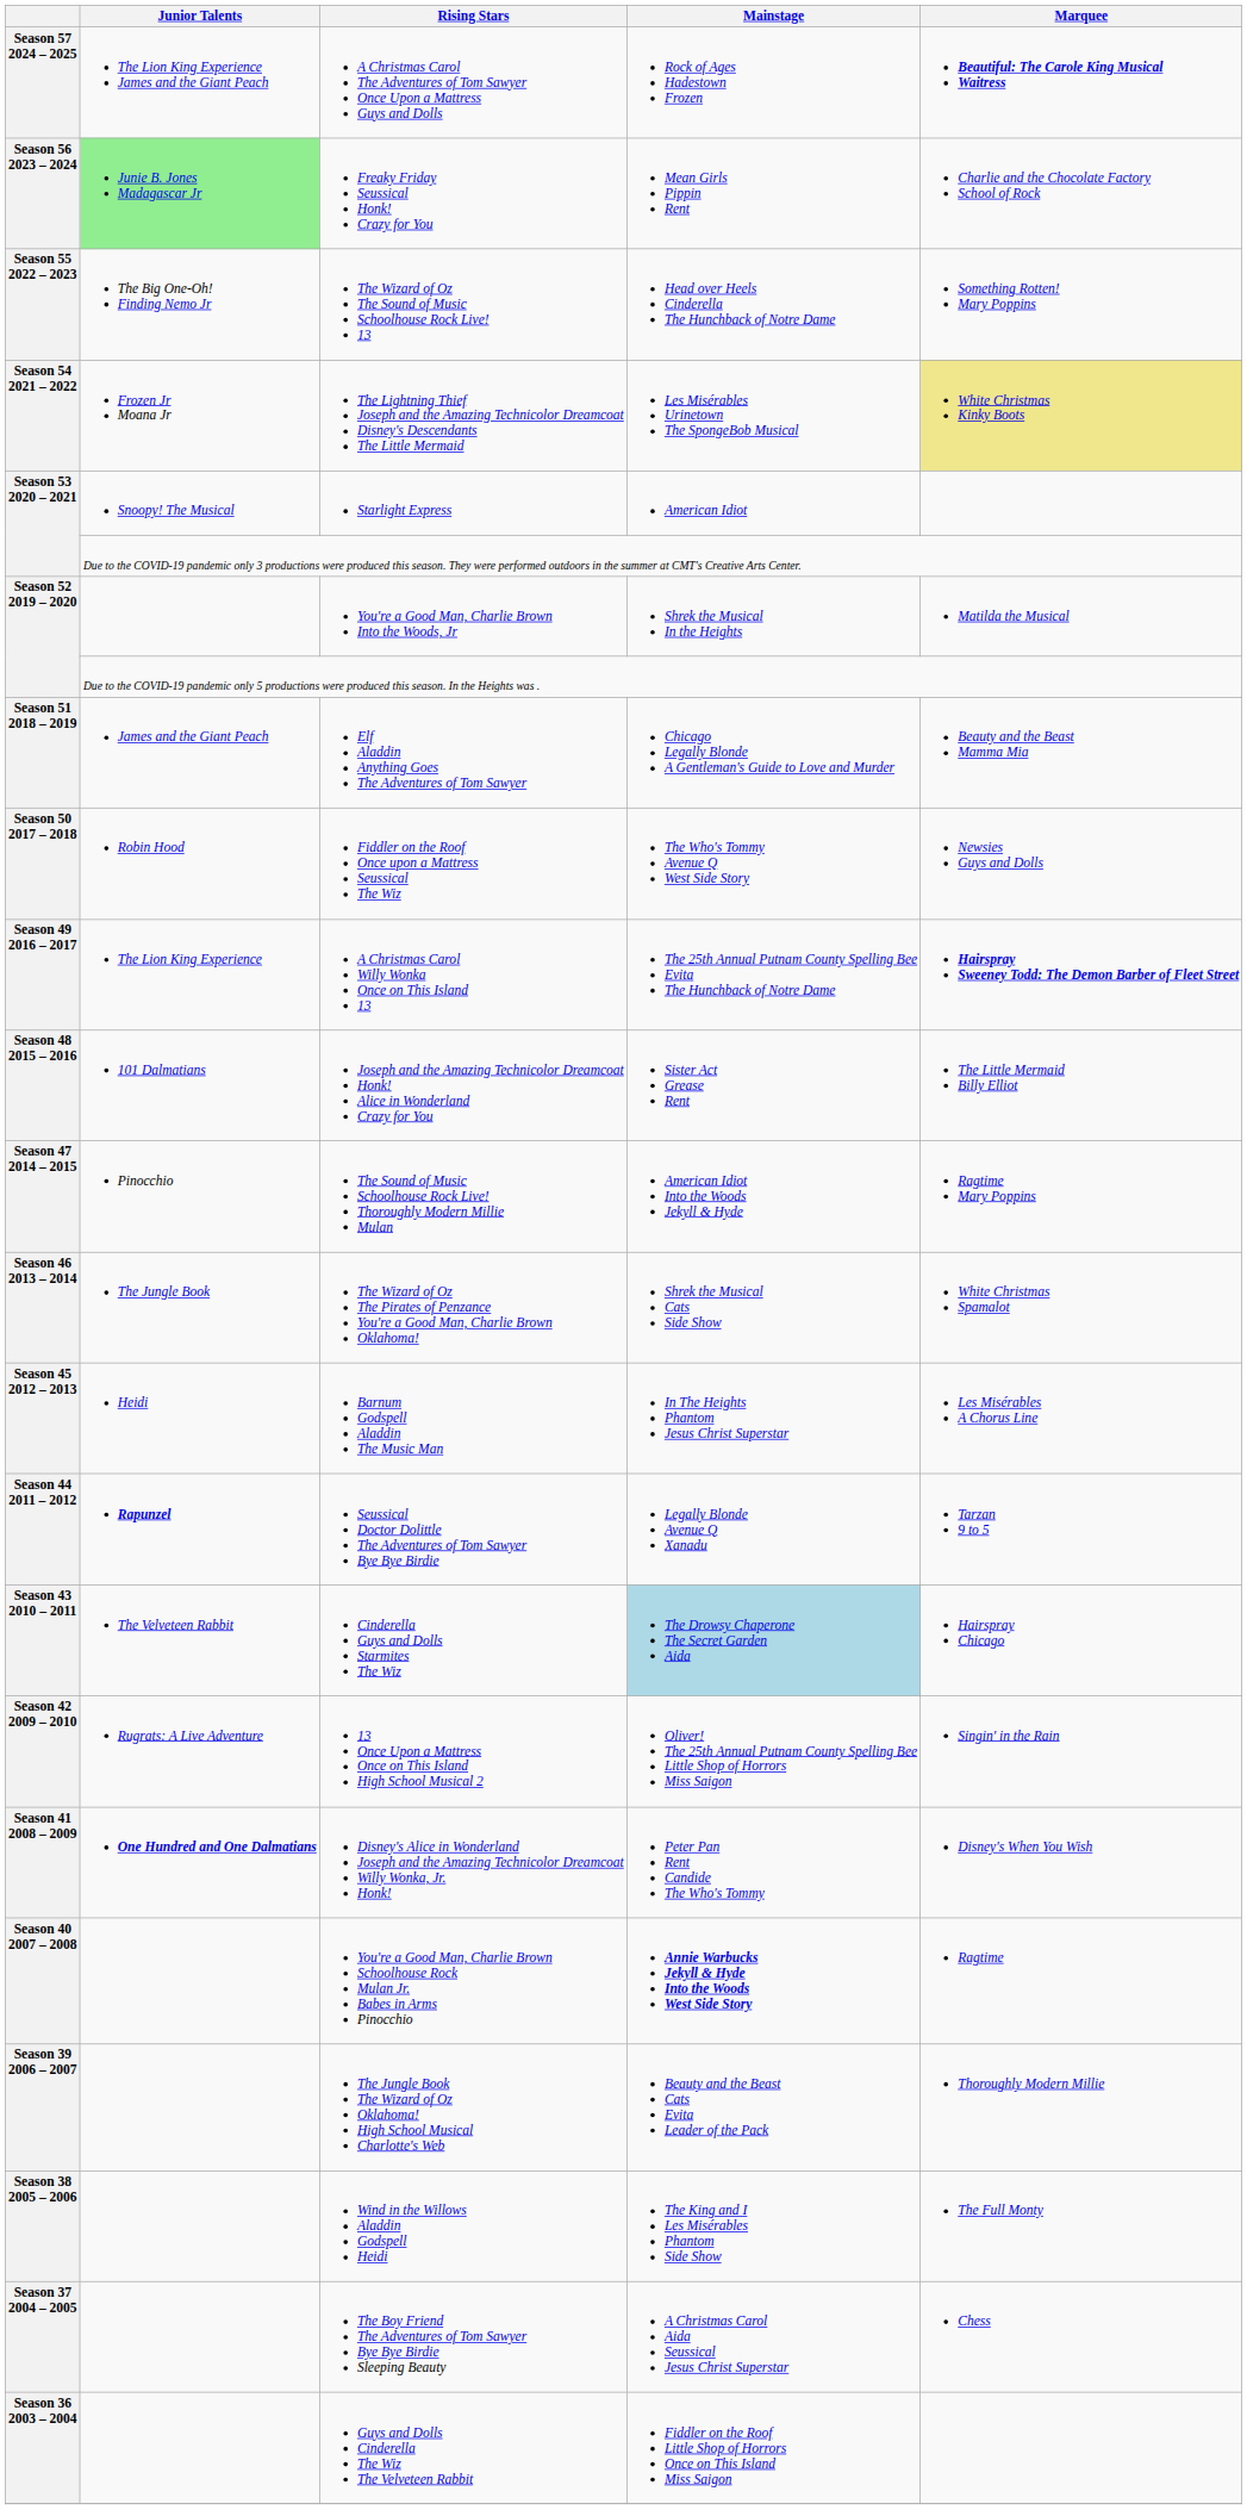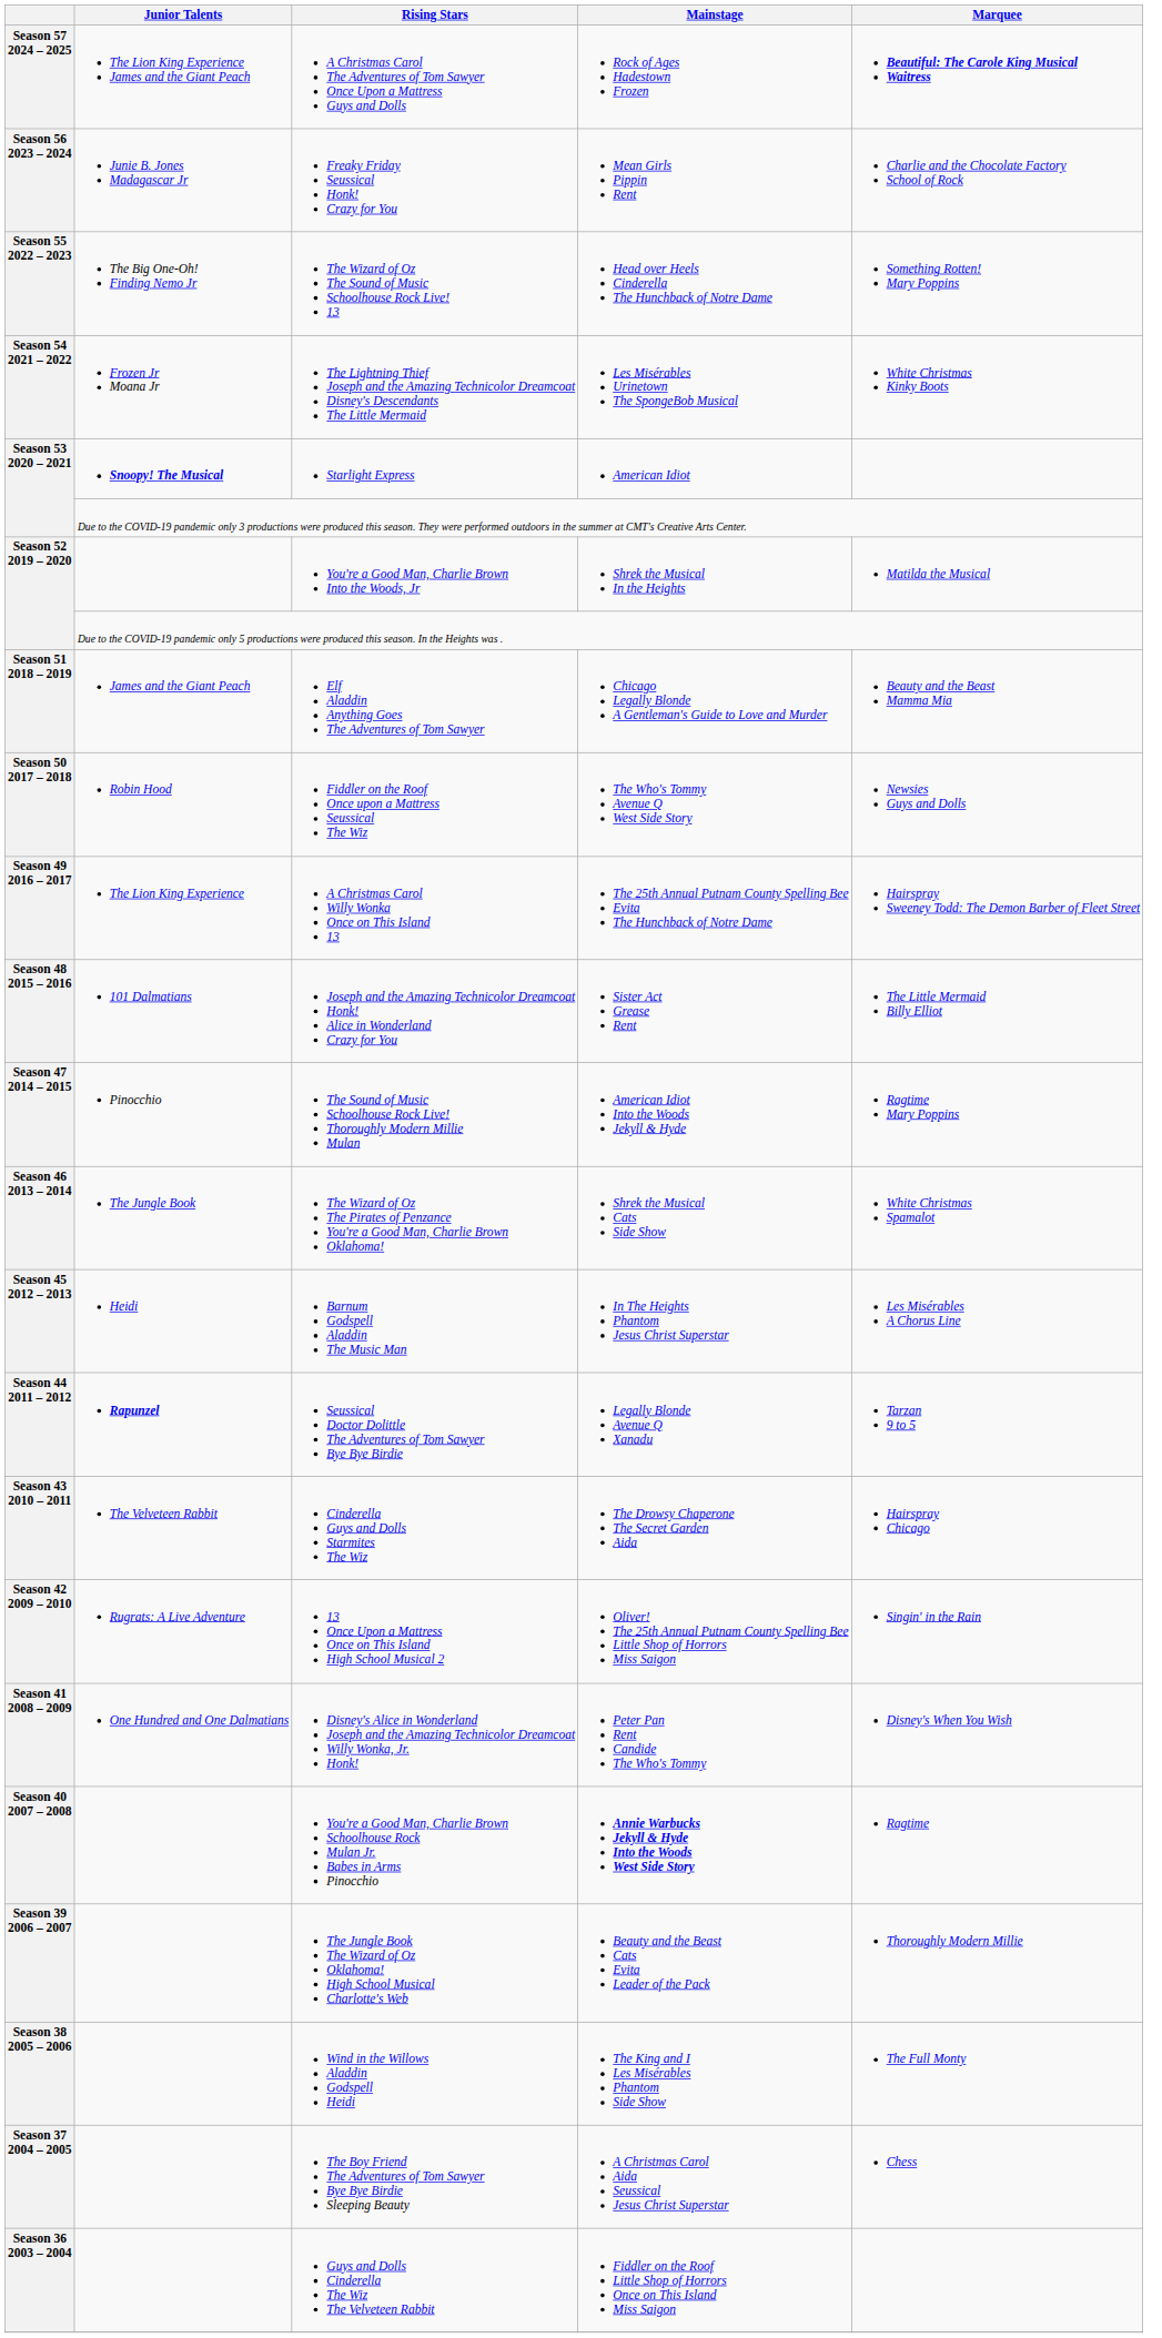 <table class="wikitable">
 <tr>
 <th></th>
 <th><a href='#'>Junior Talents</a></th>
 <th><a href='#'>Rising Stars</a></th>
 <th><a href='#'>Mainstage</a></th>
 <th><a href='#'>Marquee</a></th>
 </tr>
 <tr>
 <th style="vertical-align:top;">Season 57<br>2024 – 2025</th>
 <td style="vertical-align:top;"><br><ul><li><em><a href='#'>The Lion King Experience</a></em></li><li><em><a href='#'>James and the Giant Peach</a></em></li></ul></td>
 <td style="vertical-align:top;"><br><ul><li><em><a href='#'>A Christmas Carol</a></em></li><li><em><a href='#'>The Adventures of Tom Sawyer</a></em></li><li><em><a href='#'>Once Upon a Mattress</a></em></li><li><em><a href='#'>Guys and Dolls</a></em></li></ul></td>
 <td style="vertical-align:top;"><br><ul><li><em><a href='#'>Rock of Ages</a></em></li><li><em><a href='#'>Hadestown</a></em></li><li><em><a href='#'>Frozen</a></em></li></ul></td>
 <td style="vertical-align:top;"><strong><br><ul><li><em><a href='#'>Beautiful: The Carole King Musical</a></em></li><li><em><a href='#'>Waitress</a></em></li></ul></strong></td>
 </tr>
 <tr>
 <th style="vertical-align:top;">Season 56<br>2023 – 2024</th>
-<td style="background: lightgreen; vertical-align:top;"><br><ul><li><em><a href='#'>Junie B. Jones</a></em></li><li><em><a href='#'>Madagascar Jr</a></em></li></ul></td>
+<td style="vertical-align:top;"><br><ul><li><em><a href='#'>Junie B. Jones</a></em></li><li><em><a href='#'>Madagascar Jr</a></em></li></ul></td>
 <td style="vertical-align:top;"><br><ul><li><em><a href='#'>Freaky Friday</a></em></li><li><em><a href='#'>Seussical</a></em></li><li><em><a href='#'>Honk!</a></em></li><li><em><a href='#'>Crazy for You</a></em></li></ul></td>
 <td style="vertical-align:top;"><br><ul><li><em><a href='#'>Mean Girls</a></em></li><li><em><a href='#'>Pippin</a></em></li><li><em><a href='#'>Rent</a></em></li></ul></td>
 <td style="vertical-align:top;"><br><ul><li><em><a href='#'>Charlie and the Chocolate Factory</a></em></li><li><em><a href='#'>School of Rock</a></em></li></ul></td>
 </tr>
 <tr>
 <th style="vertical-align:top;">Season 55<br>2022 – 2023</th>
 <td style="vertical-align:top;"><br><ul><li><em>The Big One-Oh!</em></li><li><em><a href='#'>Finding Nemo Jr</a></em></li></ul></td>
 <td style="vertical-align:top;"><br><ul><li><em><a href='#'>The Wizard of Oz</a></em></li><li><em><a href='#'>The Sound of Music</a></em></li><li><em><a href='#'>Schoolhouse Rock Live!</a></em></li><li><em><a href='#'>13</a></em></li></ul></td>
 <td style="vertical-align:top;"><br><ul><li><em><a href='#'>Head over Heels</a></em></li><li><em><a href='#'>Cinderella</a></em></li><li><em><a href='#'>The Hunchback of Notre Dame</a></em></li></ul></td>
 <td style="vertical-align:top;"><br><ul><li><em><a href='#'>Something Rotten!</a></em></li><li><em><a href='#'>Mary Poppins</a></em></li></ul></td>
 </tr>
 <tr>
 <th style="vertical-align:top;">Season 54<br>2021 – 2022</th>
 <td style="vertical-align:top;"><br><ul><li><em><a href='#'>Frozen Jr</a></em></li><li><em>Moana Jr</em></li></ul></td>
 <td style="vertical-align:top;"><br><ul><li><em><a href='#'>The Lightning Thief</a></em></li><li><em><a href='#'>Joseph and the Amazing Technicolor Dreamcoat</a></em></li><li><em><a href='#'>Disney's Descendants</a></em></li><li><em><a href='#'>The Little Mermaid</a></em></li></ul></td>
 <td style="vertical-align:top;"><br><ul><li><em><a href='#'>Les Misérables</a></em></li><li><em><a href='#'>Urinetown</a></em></li><li><em><a href='#'>The SpongeBob Musical</a></em></li></ul></td>
-<td style="background: khaki; vertical-align:top;"><br><ul><li><em><a href='#'>White Christmas</a></em></li><li><em><a href='#'>Kinky Boots</a></em></li></ul></td>
+<td style="vertical-align:top;"><br><ul><li><em><a href='#'>White Christmas</a></em></li><li><em><a href='#'>Kinky Boots</a></em></li></ul></td>
 </tr>
 <tr>
 <th rowspan=2 style="vertical-align:top;">Season 53<br>2020 – 2021</th>
-<td style="vertical-align:top;"><br><ul><li><em><a href='#'>Snoopy! The Musical</a></em></li></ul></td>
+<td style="vertical-align:top;"><strong><br><ul><li><em><a href='#'>Snoopy! The Musical</a></em></li></ul></strong></td>
 <td style="vertical-align:top;"><br><ul><li><em><a href='#'>Starlight Express</a></em></li></ul></td>
 <td style="vertical-align:top;"><br><ul><li><em><a href='#'>American Idiot</a></em></li></ul></td>
 </tr>
 <tr>
 <td colspan=4><br><sub><em>Due to the COVID-19 pandemic only 3 productions were produced this season. They were performed outdoors in the summer at CMT's Creative Arts Center.</em></sub></td>
 </tr>
 <tr>
 <th rowspan=2 style="vertical-align:top;">Season 52<br>2019 – 2020</th>
 <td></td>
 <td style="vertical-align:top;"><br><ul><li><em><a href='#'>You're a Good Man, Charlie Brown</a></em></li><li><em><a href='#'>Into the Woods, Jr</a></em></li></ul></td>
 <td style="vertical-align:top;"><br><ul><li><em><a href='#'>Shrek the Musical</a></em></li><li><em><a href='#'>In the Heights</a></em></li></ul></td>
 <td style="vertical-align:top;"><br><ul><li><em><a href='#'>Matilda the Musical</a></em></li></ul></td>
 </tr>
 <tr>
 <td colspan=4><br><sub><em>Due to the COVID-19 pandemic only 5 productions were produced this season. In the Heights was .</em></sub></td>
 </tr>
 <tr>
 <th style="vertical-align:top;">Season 51<br>2018 – 2019</th>
 <td style="vertical-align:top;"><br><ul><li><em><a href='#'>James and the Giant Peach</a></em></li></ul></td>
 <td style="vertical-align:top;"><br><ul><li><em><a href='#'>Elf</a></em></li><li><em><a href='#'>Aladdin</a></em></li><li><em><a href='#'>Anything Goes</a></em></li><li><em><a href='#'>The Adventures of Tom Sawyer</a></em></li></ul></td>
 <td style="vertical-align:top;"><br><ul><li><em><a href='#'>Chicago</a></em></li><li><em><a href='#'>Legally Blonde</a></em></li><li><em><a href='#'>A Gentleman's Guide to Love and Murder</a></em></li></ul></td>
 <td style="vertical-align:top;"><br><ul><li><em><a href='#'>Beauty and the Beast</a></em></li><li><em><a href='#'>Mamma Mia</a></em></li></ul></td>
 </tr>
 <tr>
 <th style="vertical-align:top;">Season 50<br>2017 – 2018</th>
 <td style="vertical-align:top;"><br><ul><li><em><a href='#'>Robin Hood</a></em></li></ul></td>
 <td style="vertical-align:top;"><br><ul><li><em><a href='#'>Fiddler on the Roof</a></em></li><li><em><a href='#'>Once upon a Mattress</a></em></li><li><em><a href='#'>Seussical</a></em></li><li><em><a href='#'>The Wiz</a></em></li></ul></td>
 <td style="vertical-align:top;"><br><ul><li><em><a href='#'>The Who's Tommy</a></em></li><li><em><a href='#'>Avenue Q</a></em></li><li><em><a href='#'>West Side Story</a></em></li></ul></td>
 <td style="vertical-align:top;"><br><ul><li><em><a href='#'>Newsies</a></em></li><li><em><a href='#'>Guys and Dolls</a></em></li></ul></td>
 </tr>
 <tr>
 <th style="vertical-align:top;">Season 49<br>2016 – 2017</th>
 <td style="vertical-align:top;"><br><ul><li><em><a href='#'>The Lion King Experience</a></em></li></ul></td>
 <td style="vertical-align:top;"><br><ul><li><em><a href='#'>A Christmas Carol</a></em></li><li><em><a href='#'>Willy Wonka</a></em></li><li><em><a href='#'>Once on This Island</a></em></li><li><em><a href='#'>13</a></em></li></ul></td>
 <td style="vertical-align:top;"><br><ul><li><em><a href='#'>The 25th Annual Putnam County Spelling Bee</a></em></li><li><em><a href='#'>Evita</a></em></li><li><em><a href='#'>The Hunchback of Notre Dame</a></em></li></ul></td>
-<td style="vertical-align:top;"><strong><br><ul><li><em><a href='#'>Hairspray</a></em></li><li><em><a href='#'>Sweeney Todd: The Demon Barber of Fleet Street</a></em></li></ul></strong></td>
+<td style="vertical-align:top;"><br><ul><li><em><a href='#'>Hairspray</a></em></li><li><em><a href='#'>Sweeney Todd: The Demon Barber of Fleet Street</a></em></li></ul></td>
 </tr>
 <tr>
 <th style="vertical-align:top;">Season 48<br>2015 – 2016</th>
 <td style="vertical-align:top;"><br><ul><li><em><a href='#'>101 Dalmatians</a></em></li></ul></td>
 <td style="vertical-align:top;"><br><ul><li><em><a href='#'>Joseph and the Amazing Technicolor Dreamcoat</a></em></li><li><em><a href='#'>Honk!</a></em></li><li><em><a href='#'>Alice in Wonderland</a></em></li><li><em><a href='#'>Crazy for You</a></em></li></ul></td>
 <td style="vertical-align:top;"><br><ul><li><em><a href='#'>Sister Act</a></em></li><li><em><a href='#'>Grease</a></em></li><li><em><a href='#'>Rent</a></em></li></ul></td>
 <td style="vertical-align:top;"><br><ul><li><em><a href='#'>The Little Mermaid</a></em></li><li><em><a href='#'>Billy Elliot</a></em></li></ul></td>
 </tr>
 <tr>
 <th style="vertical-align:top;">Season 47<br>2014 – 2015</th>
 <td style="vertical-align:top;"><br><ul><li><em>Pinocchio</em></li></ul></td>
 <td style="vertical-align:top;"><br><ul><li><em><a href='#'>The Sound of Music</a></em></li><li><em><a href='#'>Schoolhouse Rock Live!</a></em></li><li><em><a href='#'>Thoroughly Modern Millie</a></em></li><li><em><a href='#'>Mulan</a></em></li></ul></td>
 <td style="vertical-align:top;"><br><ul><li><em><a href='#'>American Idiot</a></em></li><li><em><a href='#'>Into the Woods</a></em></li><li><em><a href='#'>Jekyll & Hyde</a></em></li></ul></td>
 <td style="vertical-align:top;"><br><ul><li><em><a href='#'>Ragtime</a></em></li><li><em><a href='#'>Mary Poppins</a></em></li></ul></td>
 </tr>
 <tr>
 <th style="vertical-align:top;">Season 46<br>2013 – 2014</th>
 <td style="vertical-align:top;"><br><ul><li><em><a href='#'>The Jungle Book</a></em></li></ul></td>
 <td style="vertical-align:top;"><br><ul><li><em><a href='#'>The Wizard of Oz</a></em></li><li><em><a href='#'>The Pirates of Penzance</a></em></li><li><em><a href='#'>You're a Good Man, Charlie Brown</a></em></li><li><em><a href='#'>Oklahoma!</a></em></li></ul></td>
 <td style="vertical-align:top;"><br><ul><li><em><a href='#'>Shrek the Musical</a></em></li><li><em><a href='#'>Cats</a></em></li><li><em><a href='#'>Side Show</a></em></li></ul></td>
 <td style="vertical-align:top;"><br><ul><li><em><a href='#'>White Christmas</a></em></li><li><em><a href='#'>Spamalot</a></em></li></ul></td>
 </tr>
 <tr>
 <th style="vertical-align:top;">Season 45<br>2012 – 2013</th>
 <td style="vertical-align:top;"><br><ul><li><em><a href='#'>Heidi</a></em></li></ul></td>
 <td style="vertical-align:top;"><br><ul><li><em><a href='#'>Barnum</a></em></li><li><em><a href='#'>Godspell</a></em></li><li><em><a href='#'>Aladdin</a></em></li><li><em><a href='#'>The Music Man</a></em></li></ul></td>
 <td style="vertical-align:top;"><br><ul><li><em><a href='#'>In The Heights</a></em></li><li><em><a href='#'>Phantom</a></em></li><li><em><a href='#'>Jesus Christ Superstar</a></em></li></ul></td>
 <td style="vertical-align:top;"><br><ul><li><em><a href='#'>Les Misérables</a></em></li><li><em><a href='#'>A Chorus Line</a></em></li></ul></td>
 </tr>
 <tr>
 <th style="vertical-align:top;">Season 44<br>2011 – 2012</th>
 <td style="vertical-align:top;"><strong><br><ul><li><em><a href='#'>Rapunzel</a></em></li></ul></strong></td>
 <td style="vertical-align:top;"><br><ul><li><em><a href='#'>Seussical</a></em></li><li><em><a href='#'>Doctor Dolittle</a></em></li><li><em><a href='#'>The Adventures of Tom Sawyer</a></em></li><li><em><a href='#'>Bye Bye Birdie</a></em></li></ul></td>
 <td style="vertical-align:top;"><br><ul><li><em><a href='#'>Legally Blonde</a></em></li><li><em><a href='#'>Avenue Q</a></em></li><li><em><a href='#'>Xanadu</a></em></li></ul></td>
 <td style="vertical-align:top;"><br><ul><li><em><a href='#'>Tarzan</a></em></li><li><em><a href='#'>9 to 5</a></em></li></ul></td>
 </tr>
 <tr>
 <th style="vertical-align:top;">Season 43<br>2010 – 2011</th>
 <td style="vertical-align:top;"><br><ul><li><em><a href='#'>The Velveteen Rabbit</a></em></li></ul></td>
 <td style="vertical-align:top;"><br><ul><li><em><a href='#'>Cinderella</a></em></li><li><em><a href='#'>Guys and Dolls</a></em></li><li><em><a href='#'>Starmites</a></em></li><li><em><a href='#'>The Wiz</a></em></li></ul></td>
-<td style="background: lightblue; vertical-align:top;"><br><ul><li><em><a href='#'>The Drowsy Chaperone</a></em></li><li><em><a href='#'>The Secret Garden</a></em></li><li><em><a href='#'>Aida</a></em></li></ul></td>
+<td style="vertical-align:top;"><br><ul><li><em><a href='#'>The Drowsy Chaperone</a></em></li><li><em><a href='#'>The Secret Garden</a></em></li><li><em><a href='#'>Aida</a></em></li></ul></td>
 <td style="vertical-align:top;"><br><ul><li><em><a href='#'>Hairspray</a></em></li><li><em><a href='#'>Chicago</a></em></li></ul></td>
 </tr>
 <tr>
 <th style="vertical-align:top;">Season 42<br>2009 – 2010</th>
 <td style="vertical-align:top;"><br><ul><li><em><a href='#'>Rugrats: A Live Adventure</a></em></li></ul></td>
 <td style="vertical-align:top;"><br><ul><li><em><a href='#'>13</a></em></li><li><em><a href='#'>Once Upon a Mattress</a></em></li><li><em><a href='#'>Once on This Island</a></em></li><li><em><a href='#'>High School Musical 2</a></em></li></ul></td>
 <td style="vertical-align:top;"><br><ul><li><em><a href='#'>Oliver!</a></em></li><li><em><a href='#'>The 25th Annual Putnam County Spelling Bee</a></em></li><li><em><a href='#'>Little Shop of Horrors</a></em></li><li><em><a href='#'>Miss Saigon</a></em></li></ul></td>
 <td style="vertical-align:top;"><br><ul><li><em><a href='#'>Singin' in the Rain</a></em></li></ul></td>
 </tr>
 <tr>
 <th style="vertical-align:top;">Season 41<br>2008 – 2009</th>
-<td style="vertical-align:top;"><strong><br><ul><li><em><a href='#'>One Hundred and One Dalmatians</a></em></li></ul></strong></td>
+<td style="vertical-align:top;"><br><ul><li><em><a href='#'>One Hundred and One Dalmatians</a></em></li></ul></td>
 <td style="vertical-align:top;"><br><ul><li><em><a href='#'>Disney's Alice in Wonderland</a></em></li><li><em><a href='#'>Joseph and the Amazing Technicolor Dreamcoat</a></em></li><li><em><a href='#'>Willy Wonka, Jr.</a></em></li><li><em><a href='#'>Honk!</a></em></li></ul></td>
 <td style="vertical-align:top;"><br><ul><li><em><a href='#'>Peter Pan</a></em></li><li><em><a href='#'>Rent</a></em></li><li><em><a href='#'>Candide</a></em></li><li><em><a href='#'>The Who's Tommy</a></em></li></ul></td>
 <td style="vertical-align:top;"><br><ul><li><em><a href='#'>Disney's When You Wish</a></em></li></ul></td>
 </tr>
 <tr>
 <th style="vertical-align:top;">Season 40<br>2007 – 2008</th>
 <td style="vertical-align:top;"></td>
 <td style="vertical-align:top;"><br><ul><li><em><a href='#'>You're a Good Man, Charlie Brown</a></em></li><li><em><a href='#'>Schoolhouse Rock</a></em></li><li><em><a href='#'>Mulan Jr.</a></em></li><li><em><a href='#'>Babes in Arms</a></em></li><li><em>Pinocchio</em></li></ul></td>
 <td style="vertical-align:top;"><strong><br><ul><li><em><a href='#'>Annie Warbucks</a></em></li><li><em><a href='#'>Jekyll & Hyde</a></em></li><li><em><a href='#'>Into the Woods</a></em></li><li><em><a href='#'>West Side Story</a></em></li></ul></strong></td>
 <td style="vertical-align:top;"><br><ul><li><em><a href='#'>Ragtime</a></em></li></ul></td>
 </tr>
 <tr>
 <th style="vertical-align:top;">Season 39<br>2006 – 2007</th>
 <td style="vertical-align:top;"></td>
 <td style="vertical-align:top;"><br><ul><li><em><a href='#'>The Jungle Book</a></em></li><li><em><a href='#'>The Wizard of Oz</a></em></li><li><em><a href='#'>Oklahoma!</a></em></li><li><em><a href='#'>High School Musical</a></em></li><li><em><a href='#'>Charlotte's Web</a></em></li></ul></td>
 <td style="vertical-align:top;"><br><ul><li><em><a href='#'>Beauty and the Beast</a></em></li><li><em><a href='#'>Cats</a></em></li><li><em><a href='#'>Evita</a></em></li><li><em><a href='#'>Leader of the Pack</a></em></li></ul></td>
 <td style="vertical-align:top;"><br><ul><li><em><a href='#'>Thoroughly Modern Millie</a></em></li></ul></td>
 </tr>
 <tr>
 <th style="vertical-align:top;">Season 38<br>2005 – 2006</th>
 <td style="vertical-align:top;"></td>
 <td style="vertical-align:top;"><br><ul><li><em><a href='#'>Wind in the Willows</a></em></li><li><em><a href='#'>Aladdin</a></em></li><li><em><a href='#'>Godspell</a></em></li><li><em><a href='#'>Heidi</a></em></li></ul></td>
 <td style="vertical-align:top;"><br><ul><li><em><a href='#'>The King and I</a></em></li><li><em><a href='#'>Les Misérables</a></em></li><li><em><a href='#'>Phantom</a></em></li><li><em><a href='#'>Side Show</a></em></li></ul></td>
 <td style="vertical-align:top;"><br><ul><li><em><a href='#'>The Full Monty</a></em></li></ul></td>
 </tr>
 <tr>
 <th style="vertical-align:top;">Season 37 <br>2004 – 2005</th>
 <td style="vertical-align:top;"></td>
 <td style="vertical-align:top;"><br><ul><li><em><a href='#'>The Boy Friend</a></em></li><li><em><a href='#'>The Adventures of Tom Sawyer</a></em></li><li><em><a href='#'>Bye Bye Birdie</a></em></li><li><em>Sleeping Beauty</em></li></ul></td>
 <td style="vertical-align:top;"><br><ul><li><em><a href='#'>A Christmas Carol</a></em></li><li><em><a href='#'>Aida</a></em></li><li><em><a href='#'>Seussical</a></em></li><li><em><a href='#'>Jesus Christ Superstar</a></em></li></ul></td>
 <td style="vertical-align:top;"><br><ul><li><em><a href='#'>Chess</a></em></li></ul></td>
 </tr>
 <tr>
 <th style="vertical-align:top;">Season 36<br>2003 – 2004</th>
 <td></td>
 <td style="vertical-align:top;"><br><ul><li><em><a href='#'>Guys and Dolls</a></em></li><li><em><a href='#'>Cinderella</a></em></li><li><em><a href='#'>The Wiz</a></em></li><li><em><a href='#'>The Velveteen Rabbit</a></em></li></ul></td>
 <td style="vertical-align:top;"><br><ul><li><em><a href='#'>Fiddler on the Roof</a></em></li><li><em><a href='#'>Little Shop of Horrors</a></em></li><li><em><a href='#'>Once on This Island</a></em></li><li><em><a href='#'>Miss Saigon</a></em></li></ul></td>
 <td></td>
 </tr>
 <tr>
 </tr>
 <tr>
 </tr>
 </table>
